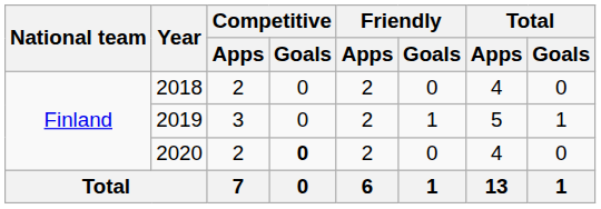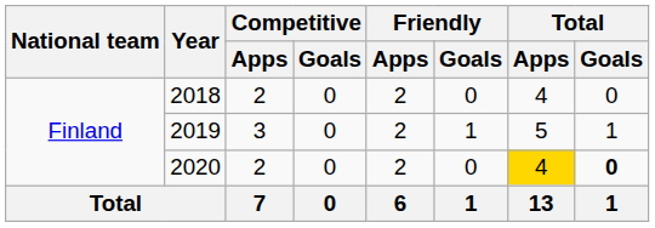 <table class="wikitable" style="text-align:center">
 <tr>
 <th rowspan="2">National team</th>
 <th rowspan="2">Year</th>
 <th colspan="2">Competitive</th>
 <th colspan="2">Friendly</th>
 <th colspan="2">Total</th>
 </tr>
 <tr>
 <th>Apps</th>
 <th>Goals</th>
 <th>Apps</th>
 <th>Goals</th>
 <th>Apps</th>
 <th>Goals</th>
 </tr>
 <tr>
 <td rowspan=3><a href='#'>Finland</a></td>
 <td>2018</td>
 <td>2</td>
 <td>0</td>
 <td>2</td>
 <td>0</td>
 <td>4</td>
 <td>0</td>
 </tr>
 <tr>
 <td>2019</td>
 <td>3</td>
 <td>0</td>
 <td>2</td>
 <td>1</td>
 <td>5</td>
 <td>1</td>
 </tr>
 <tr>
 <td>2020</td>
 <td>2</td>
-<td><strong>0</strong></td>
+<td>0</td>
 <td>2</td>
 <td>0</td>
-<td>4</td>
-<td>0</td>
+<td style="background: gold;">4</td>
+<td><strong>0</strong></td>
 </tr>
 <tr>
 <th colspan=2>Total</th>
 <th>7</th>
 <th>0</th>
 <th>6</th>
 <th>1</th>
 <th>13</th>
 <th>1</th>
 </tr>
 </table>
